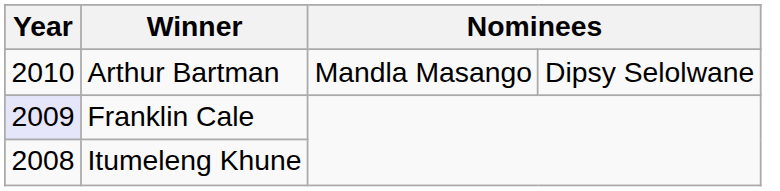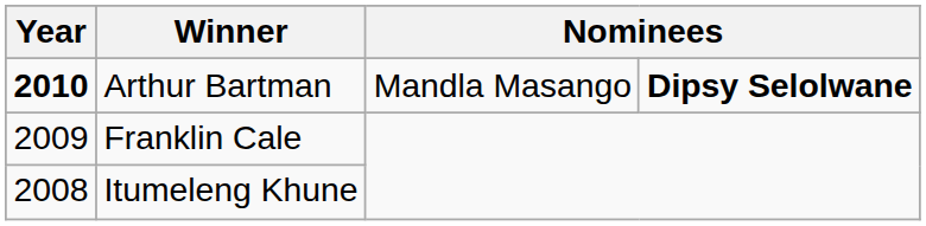 <table class="wikitable">
 <tr>
 <th>Year</th>
 <th>Winner</th>
 <th colspan="2">Nominees</th>
 </tr>
 <tr>
-<td>2010</td>
+<td><strong>2010</strong></td>
 <td>Arthur Bartman</td>
 <td>Mandla Masango</td>
-<td>Dipsy Selolwane</td>
+<td><strong>Dipsy Selolwane</strong></td>
 </tr>
 <tr>
-<td style="background: lavender;">2009</td>
+<td>2009</td>
 <td>Franklin Cale</td>
 </tr>
 <tr>
 <td>2008</td>
 <td>Itumeleng Khune</td>
 </tr>
 </table>
